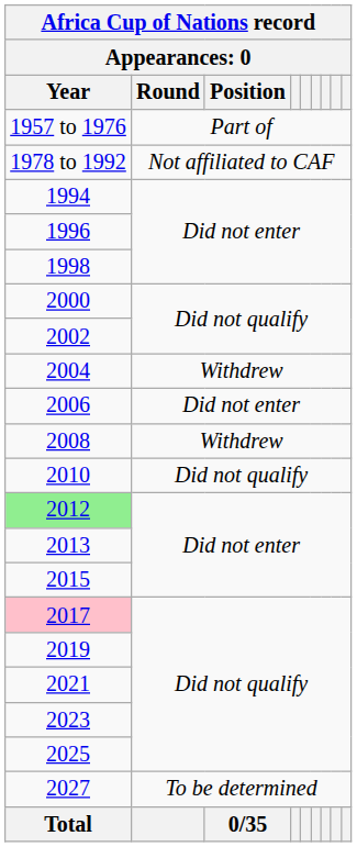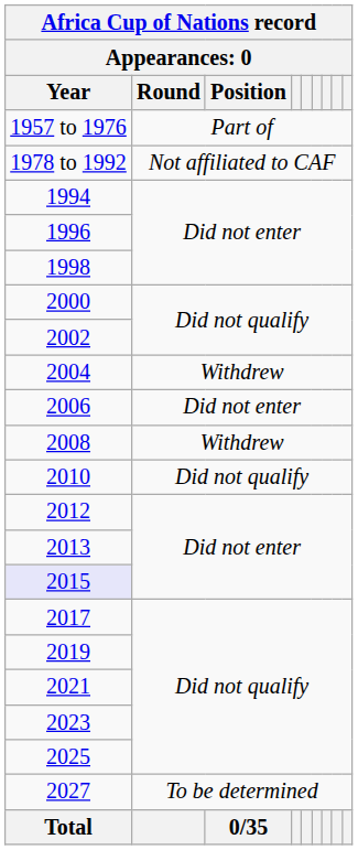 <table class="wikitable" style="text-align: center;">
 <tr>
 <th colspan=9><a href='#'>Africa Cup of Nations</a> record</th>
 </tr>
 <tr>
 <th colspan=9>Appearances: 0</th>
 </tr>
 <tr>
 <th>Year</th>
 <th>Round</th>
 <th>Position</th>
 <th></th>
 <th></th>
 <th></th>
 <th></th>
 <th></th>
 <th></th>
 </tr>
 <tr>
 <td> <a href='#'>1957</a> to  <a href='#'>1976</a></td>
 <td colspan=8><em>Part of </em></td>
 </tr>
 <tr>
 <td> <a href='#'>1978</a> to  <a href='#'>1992</a></td>
 <td colspan=8><em>Not affiliated to CAF</em></td>
 </tr>
 <tr>
 <td> <a href='#'>1994</a></td>
 <td colspan=8 rowspan=3><em>Did not enter</em></td>
 </tr>
 <tr>
 <td> <a href='#'>1996</a></td>
 </tr>
 <tr>
 <td> <a href='#'>1998</a></td>
 </tr>
 <tr>
 <td>  <a href='#'>2000</a></td>
 <td colspan=8 rowspan=2><em>Did not qualify</em></td>
 </tr>
 <tr>
 <td> <a href='#'>2002</a></td>
 </tr>
 <tr>
 <td> <a href='#'>2004</a></td>
 <td colspan=8><em>Withdrew</em></td>
 </tr>
 <tr>
 <td> <a href='#'>2006</a></td>
 <td colspan=8><em>Did not enter</em></td>
 </tr>
 <tr>
 <td> <a href='#'>2008</a></td>
 <td colspan=8><em>Withdrew</em></td>
 </tr>
 <tr>
 <td> <a href='#'>2010</a></td>
 <td colspan=8><em>Did not qualify</em></td>
 </tr>
 <tr>
-<td style="background: lightgreen;">  <a href='#'>2012</a></td>
+<td>  <a href='#'>2012</a></td>
 <td colspan=8 rowspan=3><em>Did not enter</em></td>
 </tr>
 <tr>
 <td> <a href='#'>2013</a></td>
 </tr>
 <tr>
-<td> <a href='#'>2015</a></td>
+<td style="background: lavender;"> <a href='#'>2015</a></td>
 </tr>
 <tr>
-<td style="background: pink;"> <a href='#'>2017</a></td>
+<td> <a href='#'>2017</a></td>
 <td colspan=8 rowspan=5><em>Did not qualify</em></td>
 </tr>
 <tr>
 <td> <a href='#'>2019</a></td>
 </tr>
 <tr>
 <td> <a href='#'>2021</a></td>
 </tr>
 <tr>
 <td> <a href='#'>2023</a></td>
 </tr>
 <tr>
 <td> <a href='#'>2025</a></td>
 </tr>
 <tr>
 <td>   <a href='#'>2027</a></td>
 <td colspan=8><em>To be determined</em></td>
 </tr>
 <tr>
 <th>Total</th>
 <th></th>
 <th>0/35</th>
 <th></th>
 <th></th>
 <th></th>
 <th></th>
 <th></th>
 <th></th>
 </tr>
 </table>
